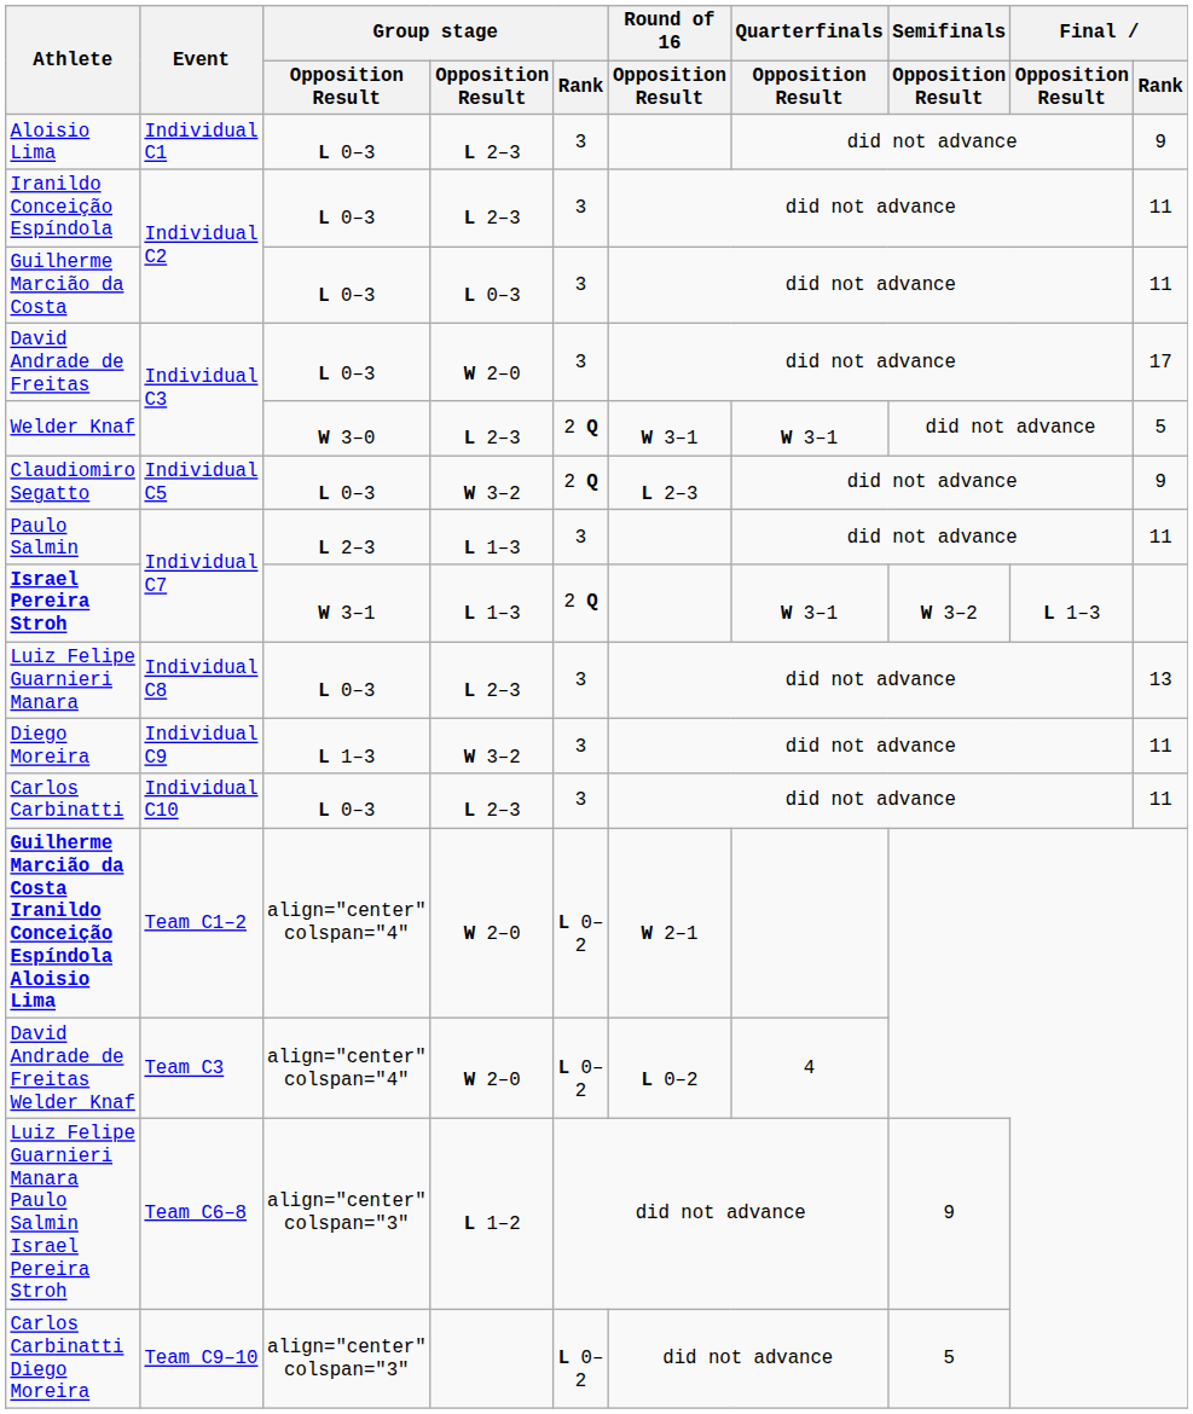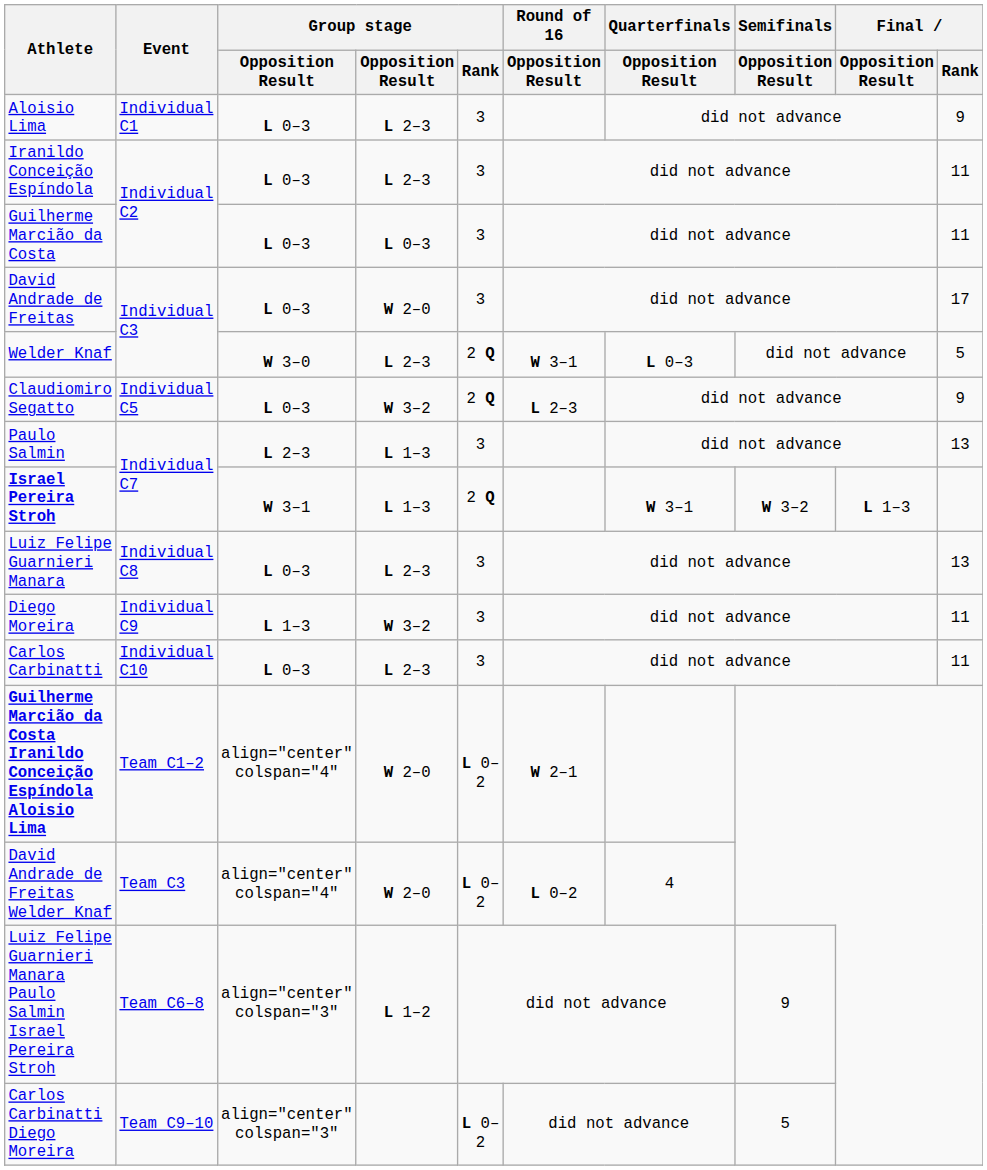 <table class=wikitable style="text-align: center; font-size:90%">
 <tr>
 <th rowspan="2">Athlete</th>
 <th rowspan="2">Event</th>
 <th colspan="3">Group stage</th>
 <th>Round of 16</th>
 <th>Quarterfinals</th>
 <th>Semifinals</th>
 <th colspan="2">Final / </th>
 </tr>
 <tr>
 <th>Opposition<br>Result</th>
 <th>Opposition<br>Result</th>
 <th>Rank</th>
 <th>Opposition<br>Result</th>
 <th>Opposition<br>Result</th>
 <th>Opposition<br>Result</th>
 <th>Opposition<br>Result</th>
 <th>Rank</th>
 </tr>
 <tr>
 <td align=left><a href='#'>Aloisio Lima</a></td>
 <td align=left><a href='#'>Individual C1</a></td>
 <td><br> <strong>L</strong> 0–3</td>
 <td><br> <strong>L</strong> 2–3</td>
 <td>3</td>
 <td></td>
 <td colspan="3">did not advance</td>
 <td>9</td>
 </tr>
 <tr>
 <td align=left><a href='#'>Iranildo Conceição Espíndola</a></td>
 <td align=left rowspan=2><a href='#'>Individual C2</a></td>
 <td><br> <strong>L</strong> 0–3</td>
 <td><br> <strong>L</strong> 2–3</td>
 <td>3</td>
 <td colspan="4">did not advance</td>
 <td>11</td>
 </tr>
 <tr>
 <td align=left><a href='#'>Guilherme Marcião da Costa</a></td>
 <td><br> <strong>L</strong> 0–3</td>
 <td><br> <strong>L</strong> 0–3</td>
 <td>3</td>
 <td colspan="4">did not advance</td>
 <td>11</td>
 </tr>
 <tr>
 <td align=left><a href='#'>David Andrade de Freitas</a></td>
 <td align=left rowspan=2><a href='#'>Individual C3</a></td>
 <td><br> <strong>L</strong> 0–3</td>
 <td><br> <strong>W</strong> 2–0</td>
 <td>3</td>
 <td colspan="4">did not advance</td>
 <td>17</td>
 </tr>
 <tr>
 <td align=left><a href='#'>Welder Knaf</a></td>
 <td><br> <strong>W</strong> 3–0</td>
 <td><br> <strong>L</strong> 2–3</td>
 <td>2 <strong>Q</strong></td>
 <td><br> <strong>W</strong> 3–1</td>
-<td><br> <strong>W</strong> 3–1</td>
+<td><br> <strong>L</strong> 0–3</td>
 <td colspan="2">did not advance</td>
 <td>5</td>
 </tr>
 <tr>
 <td align=left><a href='#'>Claudiomiro Segatto</a></td>
 <td align=left><a href='#'>Individual C5</a></td>
 <td><br> <strong>L</strong> 0–3</td>
 <td><br> <strong>W</strong> 3–2</td>
 <td>2 <strong>Q</strong></td>
 <td><br> <strong>L</strong> 2–3</td>
 <td colspan="3">did not advance</td>
 <td>9</td>
 </tr>
 <tr>
 <td align=left><a href='#'>Paulo Salmin</a></td>
 <td align=left rowspan=2><a href='#'>Individual C7</a></td>
 <td><br> <strong>L</strong> 2–3</td>
 <td><br> <strong>L</strong> 1–3</td>
 <td>3</td>
 <td></td>
 <td colspan="3">did not advance</td>
-<td>11</td>
+<td>13</td>
 </tr>
 <tr>
 <td align=left><strong><a href='#'>Israel Pereira Stroh</a></strong></td>
 <td><br> <strong>W</strong> 3–1</td>
 <td><br> <strong>L</strong> 1–3</td>
 <td>2 <strong>Q</strong></td>
 <td></td>
 <td><br> <strong>W</strong> 3–1</td>
 <td><br> <strong>W</strong> 3–2</td>
 <td><br> <strong>L</strong> 1–3</td>
 <td></td>
 </tr>
 <tr>
 <td align=left><a href='#'>Luiz Felipe Guarnieri Manara</a></td>
 <td align=left><a href='#'>Individual C8</a></td>
 <td><br> <strong>L</strong> 0–3</td>
 <td><br> <strong>L</strong> 2–3</td>
 <td>3</td>
 <td colspan="4">did not advance</td>
 <td>13</td>
 </tr>
 <tr>
 <td align=left><a href='#'>Diego Moreira</a></td>
 <td align=left><a href='#'>Individual C9</a></td>
 <td><br> <strong>L</strong> 1–3</td>
 <td><br> <strong>W</strong> 3–2</td>
 <td>3</td>
 <td colspan="4">did not advance</td>
 <td>11</td>
 </tr>
 <tr>
 <td align=left><a href='#'>Carlos Carbinatti</a></td>
 <td align=left><a href='#'>Individual C10</a></td>
 <td><br> <strong>L</strong> 0–3</td>
 <td><br> <strong>L</strong> 2–3</td>
 <td>3</td>
 <td colspan="4">did not advance</td>
 <td>11</td>
 </tr>
 <tr>
 <td align=left><strong><a href='#'>Guilherme Marcião da Costa</a><br><a href='#'>Iranildo Conceição Espíndola</a><br><a href='#'>Aloisio Lima</a></strong></td>
 <td align=left><a href='#'>Team C1–2</a></td>
 <td>align="center" colspan="4" </td>
 <td><br> <strong>W</strong> 2–0</td>
 <td><br> <strong>L</strong> 0–2</td>
 <td><br> <strong>W</strong> 2–1</td>
 <td></td>
 </tr>
 <tr>
 <td align=left><a href='#'>David Andrade de Freitas</a><br><a href='#'>Welder Knaf</a></td>
 <td align=left><a href='#'>Team C3</a></td>
 <td>align="center" colspan="4" </td>
 <td><br> <strong>W</strong> 2–0</td>
 <td><br> <strong>L</strong> 0–2</td>
 <td><br> <strong>L</strong> 0–2</td>
 <td>4</td>
 </tr>
 <tr>
 <td align=left><a href='#'>Luiz Felipe Guarnieri Manara</a><br><a href='#'>Paulo Salmin</a><br><a href='#'>Israel Pereira Stroh</a></td>
 <td align=left><a href='#'>Team C6–8</a></td>
 <td>align="center" colspan="3" </td>
 <td><br> <strong>L</strong> 1–2</td>
 <td colspan="3">did not advance</td>
 <td>9</td>
 </tr>
 <tr>
 <td align=left><a href='#'>Carlos Carbinatti</a><br><a href='#'>Diego Moreira</a></td>
 <td align=left><a href='#'>Team C9–10</a></td>
 <td>align="center" colspan="3" </td>
 <td></td>
 <td><br> <strong>L</strong> 0–2</td>
 <td colspan="2">did not advance</td>
 <td>5</td>
 </tr>
 </table>
